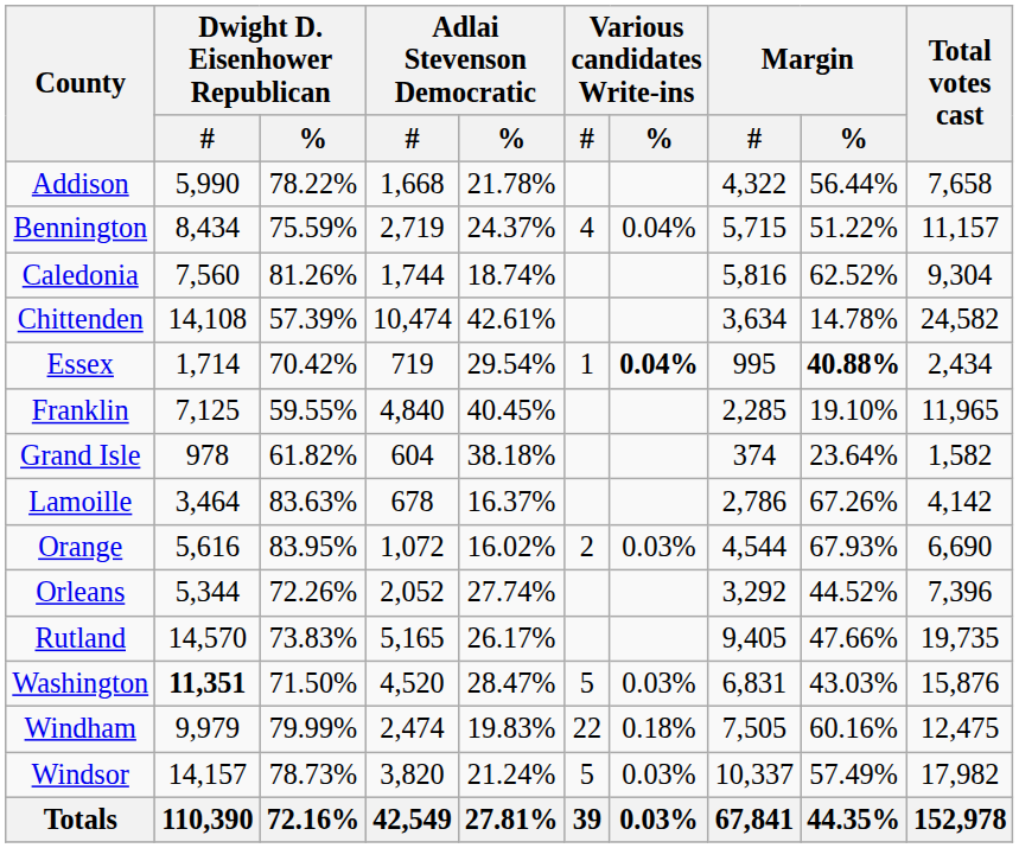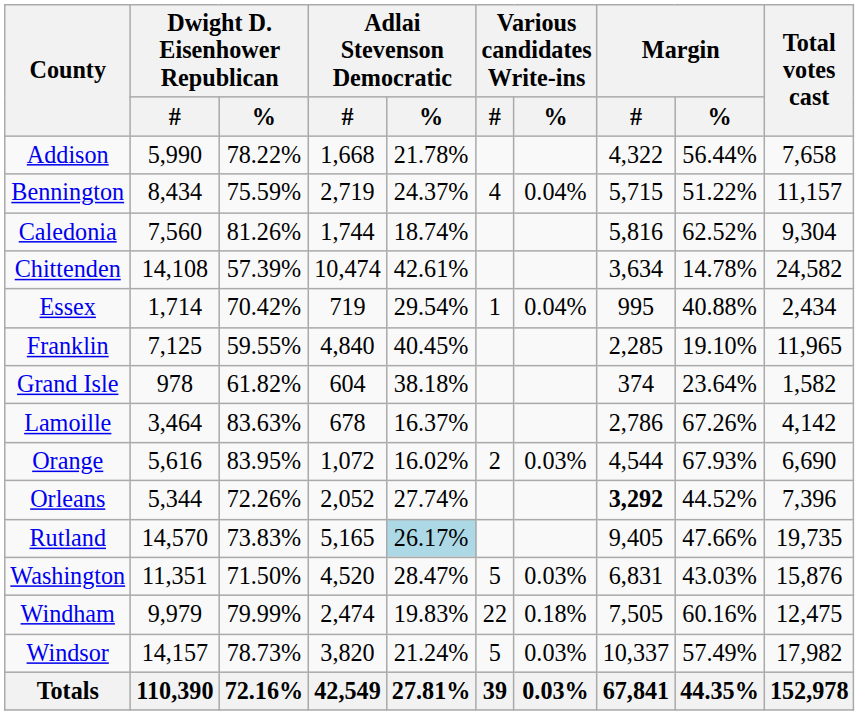 <table width="60%"  class="wikitable sortable" style="text-align:center">
 <tr>
 <th style="text-align:center;" rowspan="2">County</th>
 <th style="text-align:center;" colspan="2">Dwight D. Eisenhower<br>Republican</th>
 <th style="text-align:center;" colspan="2">Adlai Stevenson<br>Democratic</th>
 <th style="text-align:center;" colspan="2">Various candidates<br>Write-ins</th>
 <th style="text-align:center;" colspan="2">Margin</th>
 <th style="text-align:center;" rowspan="2">Total votes cast</th>
 </tr>
 <tr>
 <th data-sort-type="number">#</th>
 <th data-sort-type="number">%</th>
 <th data-sort-type="number">#</th>
 <th data-sort-type="number">%</th>
 <th data-sort-type="number">#</th>
 <th data-sort-type="number">%</th>
 <th data-sort-type="number">#</th>
 <th data-sort-type="number">%</th>
 </tr>
 <tr style="text-align:center;">
 <td><a href='#'>Addison</a></td>
 <td>5,990</td>
 <td>78.22%</td>
 <td>1,668</td>
 <td>21.78%</td>
 <td></td>
 <td></td>
 <td>4,322</td>
 <td>56.44%</td>
 <td>7,658</td>
 </tr>
 <tr style="text-align:center;">
 <td><a href='#'>Bennington</a></td>
 <td>8,434</td>
 <td>75.59%</td>
 <td>2,719</td>
 <td>24.37%</td>
 <td>4</td>
 <td>0.04%</td>
 <td>5,715</td>
 <td>51.22%</td>
 <td>11,157</td>
 </tr>
 <tr style="text-align:center;">
 <td><a href='#'>Caledonia</a></td>
 <td>7,560</td>
 <td>81.26%</td>
 <td>1,744</td>
 <td>18.74%</td>
 <td></td>
 <td></td>
 <td>5,816</td>
 <td>62.52%</td>
 <td>9,304</td>
 </tr>
 <tr style="text-align:center;">
 <td><a href='#'>Chittenden</a></td>
 <td>14,108</td>
 <td>57.39%</td>
 <td>10,474</td>
 <td>42.61%</td>
 <td></td>
 <td></td>
 <td>3,634</td>
 <td>14.78%</td>
 <td>24,582</td>
 </tr>
 <tr style="text-align:center;">
 <td><a href='#'>Essex</a></td>
 <td>1,714</td>
 <td>70.42%</td>
 <td>719</td>
 <td>29.54%</td>
 <td>1</td>
-<td><strong>0.04%</strong></td>
+<td>0.04%</td>
 <td>995</td>
-<td><strong>40.88%</strong></td>
+<td>40.88%</td>
 <td>2,434</td>
 </tr>
 <tr style="text-align:center;">
 <td><a href='#'>Franklin</a></td>
 <td>7,125</td>
 <td>59.55%</td>
 <td>4,840</td>
 <td>40.45%</td>
 <td></td>
 <td></td>
 <td>2,285</td>
 <td>19.10%</td>
 <td>11,965</td>
 </tr>
 <tr style="text-align:center;">
 <td><a href='#'>Grand Isle</a></td>
 <td>978</td>
 <td>61.82%</td>
 <td>604</td>
 <td>38.18%</td>
 <td></td>
 <td></td>
 <td>374</td>
 <td>23.64%</td>
 <td>1,582</td>
 </tr>
 <tr style="text-align:center;">
 <td><a href='#'>Lamoille</a></td>
 <td>3,464</td>
 <td>83.63%</td>
 <td>678</td>
 <td>16.37%</td>
 <td></td>
 <td></td>
 <td>2,786</td>
 <td>67.26%</td>
 <td>4,142</td>
 </tr>
 <tr style="text-align:center;">
 <td><a href='#'>Orange</a></td>
 <td>5,616</td>
 <td>83.95%</td>
 <td>1,072</td>
 <td>16.02%</td>
 <td>2</td>
 <td>0.03%</td>
 <td>4,544</td>
 <td>67.93%</td>
 <td>6,690</td>
 </tr>
 <tr style="text-align:center;">
 <td><a href='#'>Orleans</a></td>
 <td>5,344</td>
 <td>72.26%</td>
 <td>2,052</td>
 <td>27.74%</td>
 <td></td>
 <td></td>
-<td>3,292</td>
+<td><strong>3,292</strong></td>
 <td>44.52%</td>
 <td>7,396</td>
 </tr>
 <tr style="text-align:center;">
 <td><a href='#'>Rutland</a></td>
 <td>14,570</td>
 <td>73.83%</td>
 <td>5,165</td>
-<td>26.17%</td>
+<td style="background: lightblue;">26.17%</td>
 <td></td>
 <td></td>
 <td>9,405</td>
 <td>47.66%</td>
 <td>19,735</td>
 </tr>
 <tr style="text-align:center;">
 <td><a href='#'>Washington</a></td>
-<td><strong>11,351</strong></td>
+<td>11,351</td>
 <td>71.50%</td>
 <td>4,520</td>
 <td>28.47%</td>
 <td>5</td>
 <td>0.03%</td>
 <td>6,831</td>
 <td>43.03%</td>
 <td>15,876</td>
 </tr>
 <tr style="text-align:center;">
 <td><a href='#'>Windham</a></td>
 <td>9,979</td>
 <td>79.99%</td>
 <td>2,474</td>
 <td>19.83%</td>
 <td>22</td>
 <td>0.18%</td>
 <td>7,505</td>
 <td>60.16%</td>
 <td>12,475</td>
 </tr>
 <tr style="text-align:center;">
 <td><a href='#'>Windsor</a></td>
 <td>14,157</td>
 <td>78.73%</td>
 <td>3,820</td>
 <td>21.24%</td>
 <td>5</td>
 <td>0.03%</td>
 <td>10,337</td>
 <td>57.49%</td>
 <td>17,982</td>
 </tr>
 <tr style="text-align:center;">
 <th>Totals</th>
 <th>110,390</th>
 <th>72.16%</th>
 <th>42,549</th>
 <th>27.81%</th>
 <th>39</th>
 <th>0.03%</th>
 <th>67,841</th>
 <th>44.35%</th>
 <th>152,978</th>
 </tr>
 </table>
